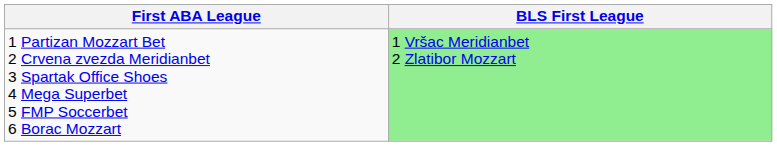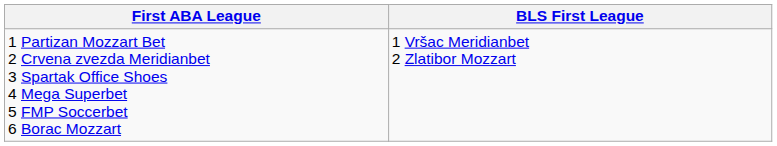 <table class=wikitable width=50%>
 <tr>
 <th width=13%><a href='#'>First ABA League</a></th>
 <th width=13%><a href='#'>BLS First League</a></th>
 </tr>
 <tr valign=top>
 <td>1 <a href='#'>Partizan Mozzart Bet</a><br>2 <a href='#'>Crvena zvezda Meridianbet</a><br>3 <a href='#'>Spartak Office Shoes</a><br>4 <a href='#'>Mega Superbet</a><br>5 <a href='#'>FMP Soccerbet</a><br>6 <a href='#'>Borac Mozzart</a></td>
-<td style="background: lightgreen;">1 <a href='#'>Vršac Meridianbet</a><br>2 <a href='#'>Zlatibor Mozzart</a></td>
+<td>1 <a href='#'>Vršac Meridianbet</a><br>2 <a href='#'>Zlatibor Mozzart</a></td>
 </tr>
 </table>
